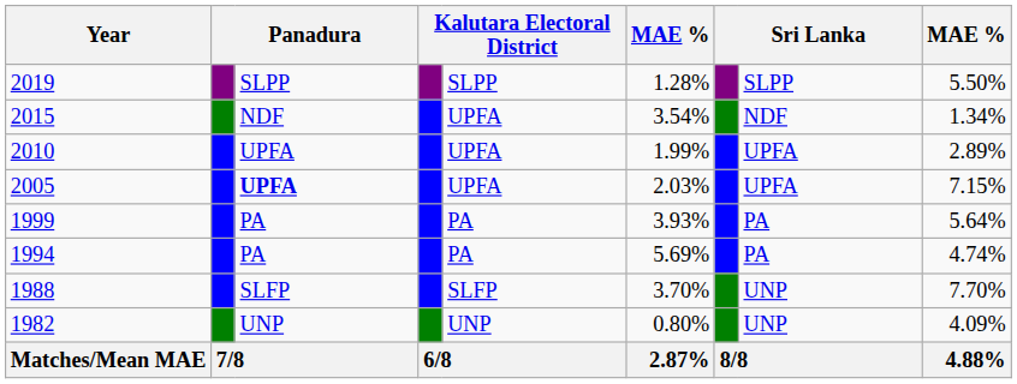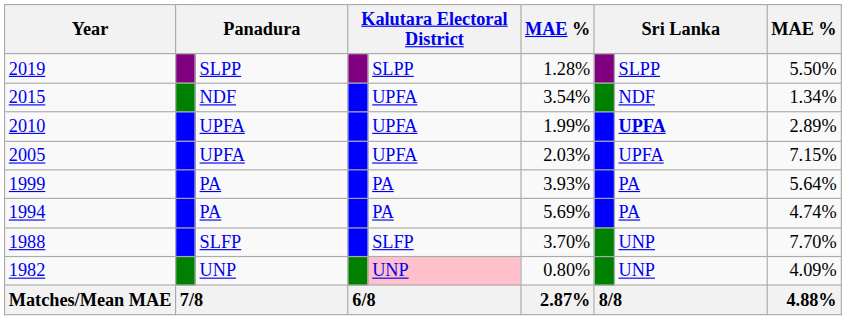 <table class="wikitable">
 <tr>
 <th>Year</th>
 <th colspan="2" width="144px">Panadura</th>
 <th colspan="2" width="144px"><a href='#'>Kalutara Electoral District</a></th>
 <th><a href='#'>MAE</a> %</th>
 <th colspan="2" width="144px">Sri Lanka</th>
 <th>MAE %</th>
 </tr>
 <tr>
 <td><a href='#'>2019</a></td>
 <td style="background-color:purple;" width="10px"></td>
 <td style="text-align:left;"><a href='#'>SLPP</a></td>
 <td style="background-color:purple;" width="10px"></td>
 <td style="text-align:left;"><a href='#'>SLPP</a></td>
 <td style="text-align:right;">1.28%</td>
 <td style="background-color:purple;" width="10px"></td>
 <td style="text-align:left;"><a href='#'>SLPP</a></td>
 <td style="text-align:right;">5.50%</td>
 </tr>
 <tr>
 <td><a href='#'>2015</a></td>
 <td style="background-color:green;" width="10px"></td>
 <td style="text-align:left;"><a href='#'>NDF</a></td>
 <td style="background-color:blue;" width="10px"></td>
 <td style="text-align:left;"><a href='#'>UPFA</a></td>
 <td style="text-align:right;">3.54%</td>
 <td style="background-color:green;" width="10px"></td>
 <td style="text-align:left;"><a href='#'>NDF</a></td>
 <td style="text-align:right;">1.34%</td>
 </tr>
 <tr>
 <td><a href='#'>2010</a></td>
 <td style="background-color:blue;" width="10px"></td>
 <td style="text-align:left;"><a href='#'>UPFA</a></td>
 <td style="background-color:blue;" width="10px"></td>
 <td style="text-align:left;"><a href='#'>UPFA</a></td>
 <td style="text-align:right;">1.99%</td>
 <td style="background-color:blue;" width="10px"></td>
-<td style="text-align:left;"><a href='#'>UPFA</a></td>
+<td style="text-align:left;"><strong><a href='#'>UPFA</a></strong></td>
 <td style="text-align:right;">2.89%</td>
 </tr>
 <tr>
 <td><a href='#'>2005</a></td>
 <td style="background-color:blue;" width="10px"></td>
-<td style="text-align:left;"><strong><a href='#'>UPFA</a></strong></td>
+<td style="text-align:left;"><a href='#'>UPFA</a></td>
 <td style="background-color:blue;" width="10px"></td>
 <td style="text-align:left;"><a href='#'>UPFA</a></td>
 <td style="text-align:right;">2.03%</td>
 <td style="background-color:blue;" width="10px"></td>
 <td style="text-align:left;"><a href='#'>UPFA</a></td>
 <td style="text-align:right;">7.15%</td>
 </tr>
 <tr>
 <td><a href='#'>1999</a></td>
 <td style="background-color:blue;" width="10px"></td>
 <td style="text-align:left;"><a href='#'>PA</a></td>
 <td style="background-color:blue;" width="10px"></td>
 <td style="text-align:left;"><a href='#'>PA</a></td>
 <td style="text-align:right;">3.93%</td>
 <td style="background-color:blue;" width="10px"></td>
 <td style="text-align:left;"><a href='#'>PA</a></td>
 <td style="text-align:right;">5.64%</td>
 </tr>
 <tr>
 <td><a href='#'>1994</a></td>
 <td style="background-color:blue;" width="10px"></td>
 <td style="text-align:left;"><a href='#'>PA</a></td>
 <td style="background-color:blue;" width="10px"></td>
 <td style="text-align:left;"><a href='#'>PA</a></td>
 <td style="text-align:right;">5.69%</td>
 <td style="background-color:blue;" width="10px"></td>
 <td style="text-align:left;"><a href='#'>PA</a></td>
 <td style="text-align:right;">4.74%</td>
 </tr>
 <tr>
 <td><a href='#'>1988</a></td>
 <td style="background-color:blue;" width="10px"></td>
 <td style="text-align:left;"><a href='#'>SLFP</a></td>
 <td style="background-color:blue;" width="10px"></td>
 <td style="text-align:left;"><a href='#'>SLFP</a></td>
 <td style="text-align:right;">3.70%</td>
 <td style="background-color:green;" width="10px"></td>
 <td style="text-align:left;"><a href='#'>UNP</a></td>
 <td style="text-align:right;">7.70%</td>
 </tr>
 <tr>
 <td><a href='#'>1982</a></td>
 <td style="background-color:green;" width="10px"></td>
 <td style="text-align:left;"><a href='#'>UNP</a></td>
 <td style="background-color:green;" width="10px"></td>
-<td style="text-align:left;"><a href='#'>UNP</a></td>
+<td style="background: pink; text-align:left;"><a href='#'>UNP</a></td>
 <td style="text-align:right;">0.80%</td>
 <td style="background-color:green;" width="10px"></td>
 <td style="text-align:left;"><a href='#'>UNP</a></td>
 <td style="text-align:right;">4.09%</td>
 </tr>
 <tr>
 <th>Matches/Mean MAE</th>
 <th style="text-align:left;"colspan="2" width="144px">7/8</th>
 <th style="text-align:left;"colspan="2" width="144px">6/8</th>
 <th style="text-align:right;">2.87%</th>
 <th style="text-align:left;"colspan="2" width="144px">8/8</th>
 <th style="text-align:right;">4.88%</th>
 </tr>
 </table>
